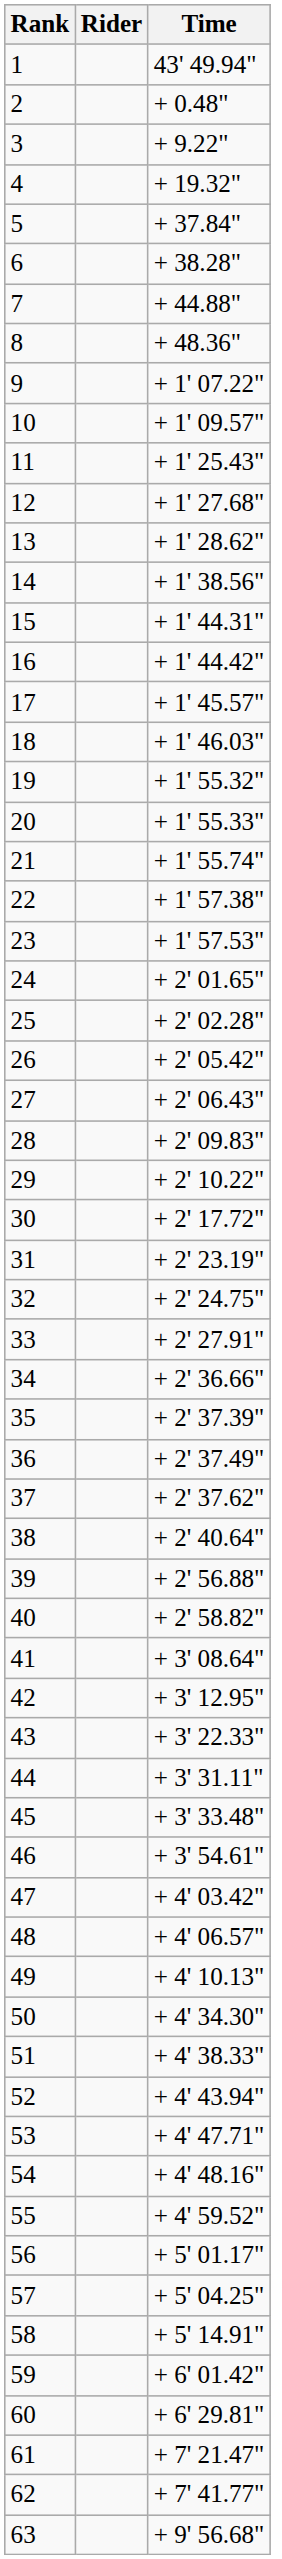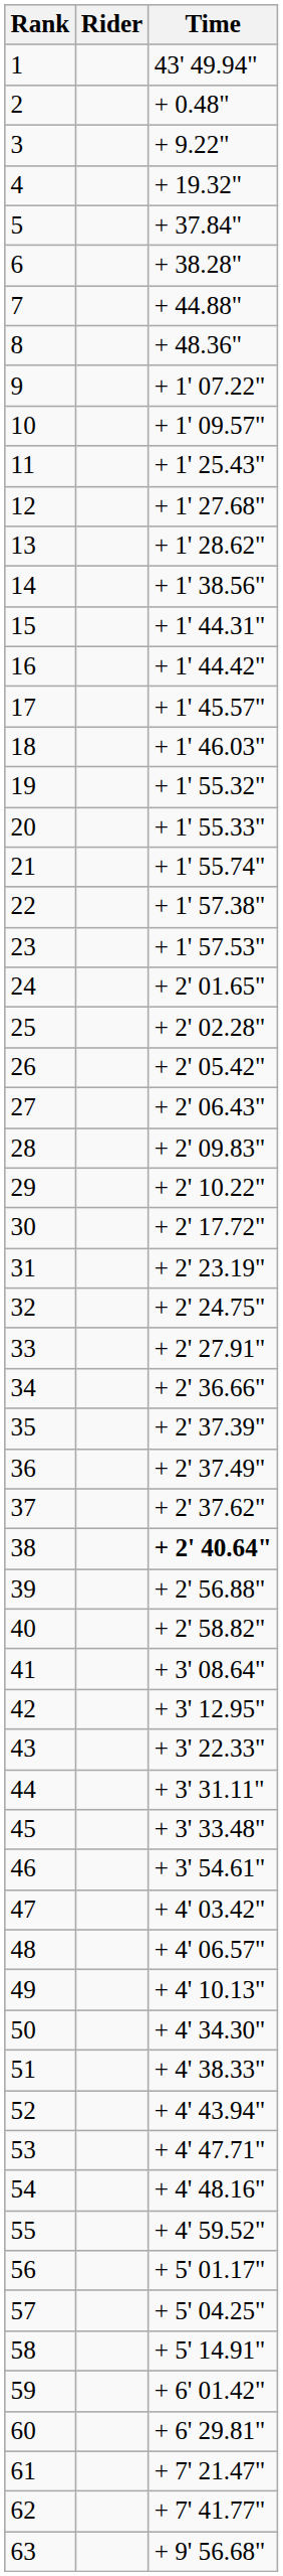 <table class="wikitable">
 <tr>
 <th>Rank</th>
 <th>Rider</th>
 <th>Time</th>
 </tr>
 <tr>
 <td>1</td>
 <td></td>
 <td>43' 49.94"</td>
 </tr>
 <tr>
 <td>2</td>
 <td></td>
 <td>+ 0.48"</td>
 </tr>
 <tr>
 <td>3</td>
 <td></td>
 <td>+ 9.22"</td>
 </tr>
 <tr>
 <td>4</td>
 <td></td>
 <td>+ 19.32"</td>
 </tr>
 <tr>
 <td>5</td>
 <td></td>
 <td>+ 37.84"</td>
 </tr>
 <tr>
 <td>6</td>
 <td></td>
 <td>+ 38.28"</td>
 </tr>
 <tr>
 <td>7</td>
 <td></td>
 <td>+ 44.88"</td>
 </tr>
 <tr>
 <td>8</td>
 <td></td>
 <td>+ 48.36"</td>
 </tr>
 <tr>
 <td>9</td>
 <td></td>
 <td>+ 1' 07.22"</td>
 </tr>
 <tr>
 <td>10</td>
 <td></td>
 <td>+ 1' 09.57"</td>
 </tr>
 <tr>
 <td>11</td>
 <td></td>
 <td>+ 1' 25.43"</td>
 </tr>
 <tr>
 <td>12</td>
 <td></td>
 <td>+ 1' 27.68"</td>
 </tr>
 <tr>
 <td>13</td>
 <td></td>
 <td>+ 1' 28.62"</td>
 </tr>
 <tr>
 <td>14</td>
 <td></td>
 <td>+ 1' 38.56"</td>
 </tr>
 <tr>
 <td>15</td>
 <td></td>
 <td>+ 1' 44.31"</td>
 </tr>
 <tr>
 <td>16</td>
 <td></td>
 <td>+ 1' 44.42"</td>
 </tr>
 <tr>
 <td>17</td>
 <td></td>
 <td>+ 1' 45.57"</td>
 </tr>
 <tr>
 <td>18</td>
 <td></td>
 <td>+ 1' 46.03"</td>
 </tr>
 <tr>
 <td>19</td>
 <td></td>
 <td>+ 1' 55.32"</td>
 </tr>
 <tr>
 <td>20</td>
 <td></td>
 <td>+ 1' 55.33"</td>
 </tr>
 <tr>
 <td>21</td>
 <td></td>
 <td>+ 1' 55.74"</td>
 </tr>
 <tr>
 <td>22</td>
 <td></td>
 <td>+ 1' 57.38"</td>
 </tr>
 <tr>
 <td>23</td>
 <td></td>
 <td>+ 1' 57.53"</td>
 </tr>
 <tr>
 <td>24</td>
 <td></td>
 <td>+ 2' 01.65"</td>
 </tr>
 <tr>
 <td>25</td>
 <td></td>
 <td>+ 2' 02.28"</td>
 </tr>
 <tr>
 <td>26</td>
 <td></td>
 <td>+ 2' 05.42"</td>
 </tr>
 <tr>
 <td>27</td>
 <td></td>
 <td>+ 2' 06.43"</td>
 </tr>
 <tr>
 <td>28</td>
 <td></td>
 <td>+ 2' 09.83"</td>
 </tr>
 <tr>
 <td>29</td>
 <td></td>
 <td>+ 2' 10.22"</td>
 </tr>
 <tr>
 <td>30</td>
 <td></td>
 <td>+ 2' 17.72"</td>
 </tr>
 <tr>
 <td>31</td>
 <td></td>
 <td>+ 2' 23.19"</td>
 </tr>
 <tr>
 <td>32</td>
 <td></td>
 <td>+ 2' 24.75"</td>
 </tr>
 <tr>
 <td>33</td>
 <td></td>
 <td>+ 2' 27.91"</td>
 </tr>
 <tr>
 <td>34</td>
 <td></td>
 <td>+ 2' 36.66"</td>
 </tr>
 <tr>
 <td>35</td>
 <td></td>
 <td>+ 2' 37.39"</td>
 </tr>
 <tr>
 <td>36</td>
 <td></td>
 <td>+ 2' 37.49"</td>
 </tr>
 <tr>
 <td>37</td>
 <td></td>
 <td>+ 2' 37.62"</td>
 </tr>
 <tr>
 <td>38</td>
 <td></td>
-<td>+ 2' 40.64"</td>
+<td><strong>+ 2' 40.64"</strong></td>
 </tr>
 <tr>
 <td>39</td>
 <td></td>
 <td>+ 2' 56.88"</td>
 </tr>
 <tr>
 <td>40</td>
 <td></td>
 <td>+ 2' 58.82"</td>
 </tr>
 <tr>
 <td>41</td>
 <td></td>
 <td>+ 3' 08.64"</td>
 </tr>
 <tr>
 <td>42</td>
 <td></td>
 <td>+ 3' 12.95"</td>
 </tr>
 <tr>
 <td>43</td>
 <td></td>
 <td>+ 3' 22.33"</td>
 </tr>
 <tr>
 <td>44</td>
 <td></td>
 <td>+ 3' 31.11"</td>
 </tr>
 <tr>
 <td>45</td>
 <td></td>
 <td>+ 3' 33.48"</td>
 </tr>
 <tr>
 <td>46</td>
 <td></td>
 <td>+ 3' 54.61"</td>
 </tr>
 <tr>
 <td>47</td>
 <td></td>
 <td>+ 4' 03.42"</td>
 </tr>
 <tr>
 <td>48</td>
 <td></td>
 <td>+ 4' 06.57"</td>
 </tr>
 <tr>
 <td>49</td>
 <td></td>
 <td>+ 4' 10.13"</td>
 </tr>
 <tr>
 <td>50</td>
 <td></td>
 <td>+ 4' 34.30"</td>
 </tr>
 <tr>
 <td>51</td>
 <td></td>
 <td>+ 4' 38.33"</td>
 </tr>
 <tr>
 <td>52</td>
 <td></td>
 <td>+ 4' 43.94"</td>
 </tr>
 <tr>
 <td>53</td>
 <td></td>
 <td>+ 4' 47.71"</td>
 </tr>
 <tr>
 <td>54</td>
 <td></td>
 <td>+ 4' 48.16"</td>
 </tr>
 <tr>
 <td>55</td>
 <td></td>
 <td>+ 4' 59.52"</td>
 </tr>
 <tr>
 <td>56</td>
 <td></td>
 <td>+ 5' 01.17"</td>
 </tr>
 <tr>
 <td>57</td>
 <td></td>
 <td>+ 5' 04.25"</td>
 </tr>
 <tr>
 <td>58</td>
 <td></td>
 <td>+ 5' 14.91"</td>
 </tr>
 <tr>
 <td>59</td>
 <td></td>
 <td>+ 6' 01.42"</td>
 </tr>
 <tr>
 <td>60</td>
 <td></td>
 <td>+ 6' 29.81"</td>
 </tr>
 <tr>
 <td>61</td>
 <td></td>
 <td>+ 7' 21.47"</td>
 </tr>
 <tr>
 <td>62</td>
 <td></td>
 <td>+ 7' 41.77"</td>
 </tr>
 <tr>
 <td>63</td>
 <td></td>
 <td>+ 9' 56.68"</td>
 </tr>
 </table>
